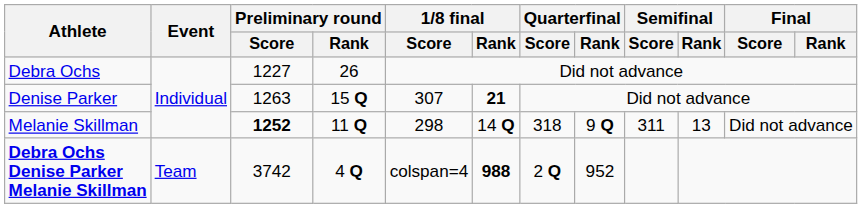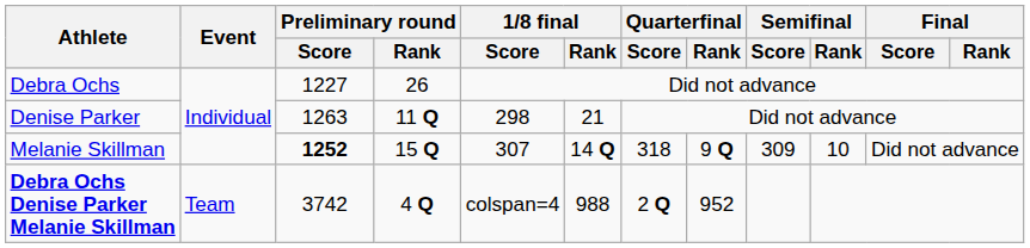 <table class=wikitable style=font-size:90%;text-align:center>
 <tr>
 <th rowspan=2>Athlete</th>
 <th rowspan=2>Event</th>
 <th colspan=2>Preliminary round</th>
 <th colspan=2>1/8 final</th>
 <th colspan=2>Quarterfinal</th>
 <th colspan=2>Semifinal</th>
 <th colspan=2>Final</th>
 </tr>
 <tr style=font-size:95%>
 <th>Score</th>
 <th>Rank</th>
 <th>Score</th>
 <th>Rank</th>
 <th>Score</th>
 <th>Rank</th>
 <th>Score</th>
 <th>Rank</th>
 <th>Score</th>
 <th>Rank</th>
 </tr>
 <tr>
 <td align=left><a href='#'>Debra Ochs</a></td>
 <td align=left rowspan=3><a href='#'>Individual</a></td>
 <td>1227</td>
 <td>26</td>
 <td colspan=8>Did not advance</td>
 </tr>
 <tr>
 <td align=left><a href='#'>Denise Parker</a></td>
 <td>1263</td>
-<td>15 <strong>Q</strong></td>
-<td>307</td>
-<td><strong>21</strong></td>
+<td>11 <strong>Q</strong></td>
+<td>298</td>
+<td>21</td>
 <td colspan=6>Did not advance</td>
 </tr>
 <tr>
 <td align=left><a href='#'>Melanie Skillman</a></td>
 <td><strong>1252</strong></td>
-<td>11 <strong>Q</strong></td>
-<td>298</td>
+<td>15 <strong>Q</strong></td>
+<td>307</td>
 <td>14 <strong>Q</strong></td>
 <td>318</td>
 <td>9 <strong>Q</strong></td>
-<td>311</td>
-<td>13</td>
+<td>309</td>
+<td>10</td>
 <td colspan=2>Did not advance</td>
 </tr>
 <tr>
 <td align=left><strong><a href='#'>Debra Ochs</a><br><a href='#'>Denise Parker</a><br><a href='#'>Melanie Skillman</a></strong></td>
 <td align=left><a href='#'>Team</a></td>
 <td>3742</td>
 <td>4 <strong>Q</strong></td>
 <td>colspan=4 </td>
-<td><strong>988</strong></td>
+<td>988</td>
 <td>2 <strong>Q</strong></td>
 <td>952</td>
 <td></td>
 </tr>
 </table>
